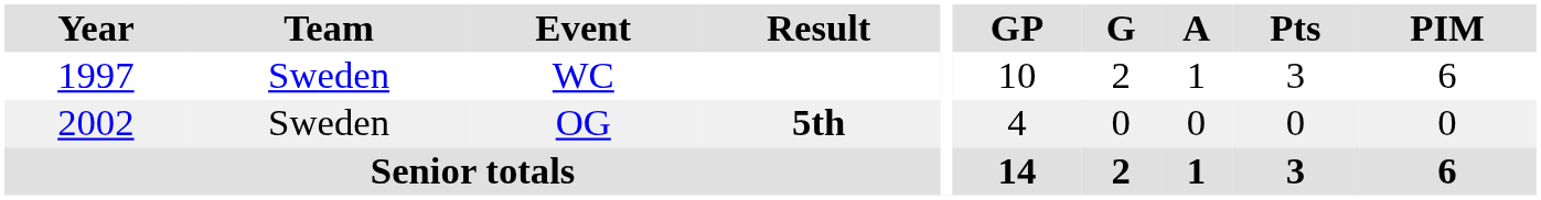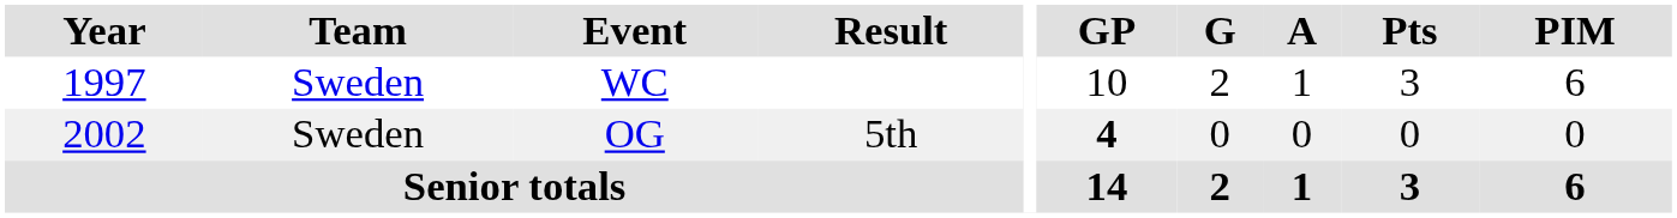 <table border="0" cellpadding="1" cellspacing="0" ID="Table3" style="text-align:center; width:40em">
 <tr ALIGN="center" bgcolor="#e0e0e0">
 <th>Year</th>
 <th>Team</th>
 <th>Event</th>
 <th>Result</th>
 <th rowspan="99" bgcolor="#ffffff"></th>
 <th>GP</th>
 <th>G</th>
 <th>A</th>
 <th>Pts</th>
 <th>PIM</th>
 </tr>
 <tr>
 <td><a href='#'>1997</a></td>
 <td><a href='#'>Sweden</a></td>
 <td><a href='#'>WC</a></td>
 <td></td>
 <td>10</td>
 <td>2</td>
 <td>1</td>
 <td>3</td>
 <td>6</td>
 </tr>
 <tr bgcolor="#f0f0f0">
 <td><a href='#'>2002</a></td>
 <td>Sweden</td>
 <td><a href='#'>OG</a></td>
-<td><strong>5th</strong></td>
-<td>4</td>
+<td>5th</td>
+<td><strong>4</strong></td>
 <td>0</td>
 <td>0</td>
 <td>0</td>
 <td>0</td>
 </tr>
 <tr bgcolor="#e0e0e0">
 <th colspan="4">Senior totals</th>
 <th>14</th>
 <th>2</th>
 <th>1</th>
 <th>3</th>
 <th>6</th>
 </tr>
 </table>
